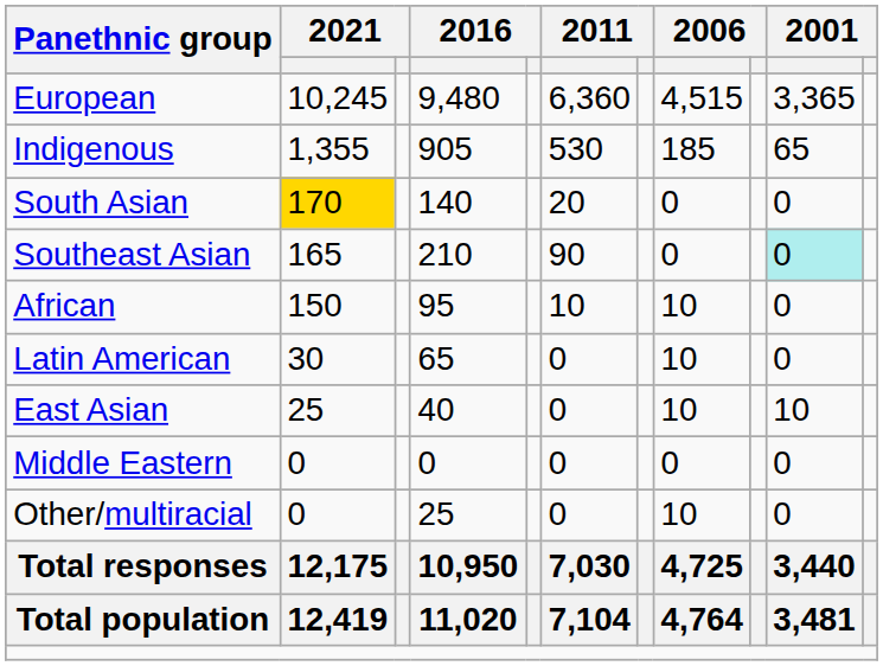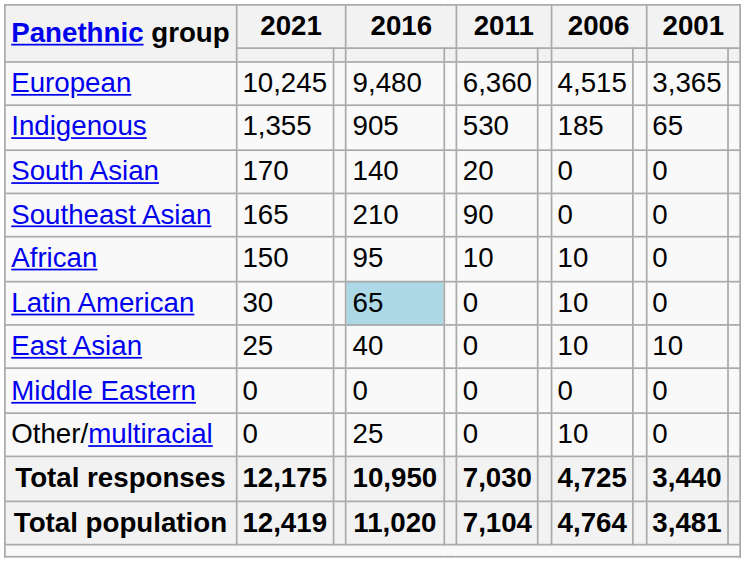 <table class="wikitable collapsible sortable">
 <tr>
 <th rowspan="2"><a href='#'>Panethnic</a> group</th>
 <th colspan="2">2021</th>
 <th colspan="2">2016</th>
 <th colspan="2">2011</th>
 <th colspan="2">2006</th>
 <th colspan="2">2001</th>
 </tr>
 <tr>
 <th><a href='#'></a></th>
 <th></th>
 <th></th>
 <th></th>
 <th></th>
 <th></th>
 <th></th>
 <th></th>
 <th></th>
 <th></th>
 </tr>
 <tr>
 <td><a href='#'>European</a></td>
 <td>10,245</td>
 <td></td>
 <td>9,480</td>
 <td></td>
 <td>6,360</td>
 <td></td>
 <td>4,515</td>
 <td></td>
 <td>3,365</td>
 <td></td>
 </tr>
 <tr>
 <td><a href='#'>Indigenous</a></td>
 <td>1,355</td>
 <td></td>
 <td>905</td>
 <td></td>
 <td>530</td>
 <td></td>
 <td>185</td>
 <td></td>
 <td>65</td>
 <td></td>
 </tr>
 <tr>
 <td><a href='#'>South Asian</a></td>
-<td style="background: gold;">170</td>
+<td>170</td>
 <td></td>
 <td>140</td>
 <td></td>
 <td>20</td>
 <td></td>
 <td>0</td>
 <td></td>
 <td>0</td>
 <td></td>
 </tr>
 <tr>
 <td><a href='#'>Southeast Asian</a></td>
 <td>165</td>
 <td></td>
 <td>210</td>
 <td></td>
 <td>90</td>
 <td></td>
 <td>0</td>
 <td></td>
-<td style="background: paleturquoise;">0</td>
+<td>0</td>
 <td></td>
 </tr>
 <tr>
 <td><a href='#'>African</a></td>
 <td>150</td>
 <td></td>
 <td>95</td>
 <td></td>
 <td>10</td>
 <td></td>
 <td>10</td>
 <td></td>
 <td>0</td>
 <td></td>
 </tr>
 <tr>
 <td><a href='#'>Latin American</a></td>
 <td>30</td>
 <td></td>
-<td>65</td>
+<td style="background: lightblue;">65</td>
 <td></td>
 <td>0</td>
 <td></td>
 <td>10</td>
 <td></td>
 <td>0</td>
 <td></td>
 </tr>
 <tr>
 <td><a href='#'>East Asian</a></td>
 <td>25</td>
 <td></td>
 <td>40</td>
 <td></td>
 <td>0</td>
 <td></td>
 <td>10</td>
 <td></td>
 <td>10</td>
 <td></td>
 </tr>
 <tr>
 <td><a href='#'>Middle Eastern</a></td>
 <td>0</td>
 <td></td>
 <td>0</td>
 <td></td>
 <td>0</td>
 <td></td>
 <td>0</td>
 <td></td>
 <td>0</td>
 <td></td>
 </tr>
 <tr>
 <td>Other/<a href='#'>multiracial</a></td>
 <td>0</td>
 <td></td>
 <td>25</td>
 <td></td>
 <td>0</td>
 <td></td>
 <td>10</td>
 <td></td>
 <td>0</td>
 <td></td>
 </tr>
 <tr>
 <th>Total responses</th>
 <th>12,175</th>
 <th></th>
 <th>10,950</th>
 <th></th>
 <th>7,030</th>
 <th></th>
 <th>4,725</th>
 <th></th>
 <th>3,440</th>
 <th></th>
 </tr>
 <tr class="sortbottom">
 <th>Total population</th>
 <th>12,419</th>
 <th></th>
 <th>11,020</th>
 <th></th>
 <th>7,104</th>
 <th></th>
 <th>4,764</th>
 <th></th>
 <th>3,481</th>
 <th></th>
 </tr>
 <tr class="sortbottom">
 <td colspan="11"></td>
 </tr>
 </table>
